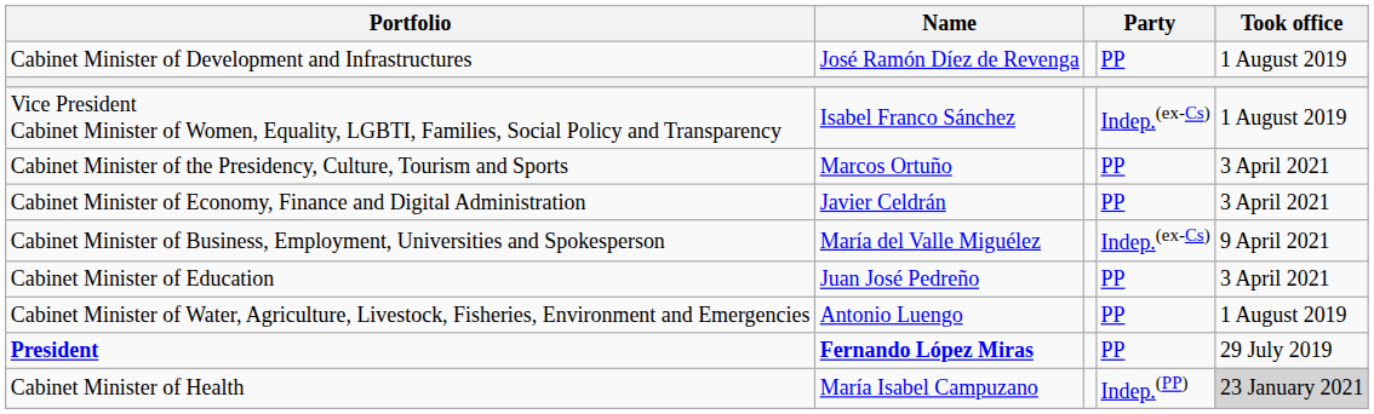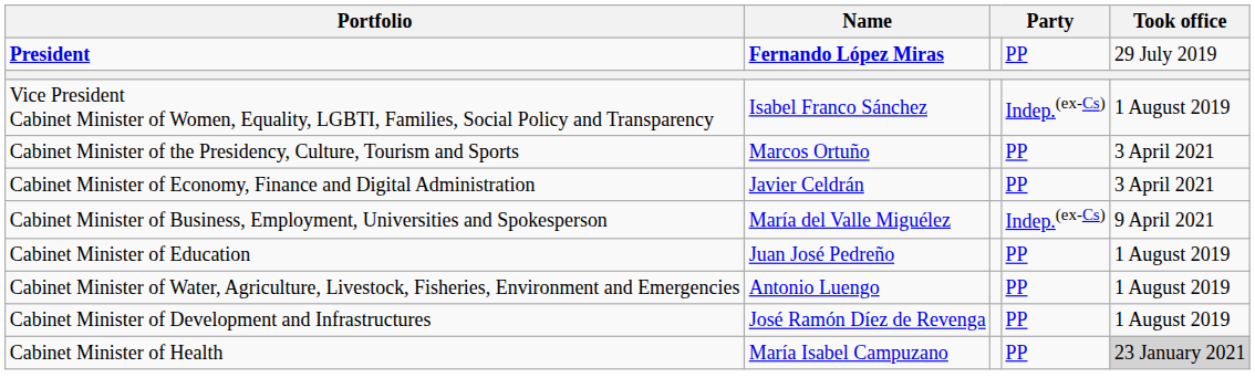 <table class="wikitable" style="font-size:95%;">
 <tr>
 <th>Portfolio</th>
 <th>Name</th>
 <th colspan="2">Party</th>
 <th>Took office</th>
 </tr>
 <tr>
-<td>Cabinet Minister of Development and Infrastructures</td>
-<td><a href='#'>José Ramón Díez de Revenga</a></td>
-<td style="background-color:"></td>
+<td><strong><a href='#'>President</a></strong></td>
+<td><strong><a href='#'>Fernando López Miras</a></strong></td>
+<td width="1" style="background-color:"></td>
 <td><a href='#'>PP</a></td>
-<td>1 August 2019</td>
+<td>29 July 2019</td>
 </tr>
 <tr>
 <th colspan="5"></th>
 </tr>
 <tr>
 <td>Vice President<br>Cabinet Minister of Women, Equality, LGBTI, Families, Social Policy and Transparency</td>
 <td><a href='#'>Isabel Franco Sánchez</a></td>
 <td style="background-color:"></td>
 <td><a href='#'>Indep.</a><sup>(ex-<a href='#'>Cs</a>)</sup></td>
 <td>1 August 2019</td>
 </tr>
 <tr>
 <td>Cabinet Minister of the Presidency, Culture, Tourism and Sports</td>
 <td><a href='#'>Marcos Ortuño</a></td>
 <td style="background-color:"></td>
 <td><a href='#'>PP</a></td>
 <td>3 April 2021</td>
 </tr>
 <tr>
 <td>Cabinet Minister of Economy, Finance and Digital Administration</td>
 <td><a href='#'>Javier Celdrán</a></td>
 <td style="background-color:"></td>
 <td><a href='#'>PP</a></td>
 <td>3 April 2021</td>
 </tr>
 <tr>
 <td>Cabinet Minister of Business, Employment, Universities and Spokesperson</td>
 <td><a href='#'>María del Valle Miguélez</a></td>
 <td style="background-color:"></td>
 <td><a href='#'>Indep.</a><sup>(ex-<a href='#'>Cs</a>)</sup></td>
 <td>9 April 2021</td>
 </tr>
 <tr>
 <td>Cabinet Minister of Education</td>
 <td><a href='#'>Juan José Pedreño</a></td>
 <td style="background-color:"></td>
 <td><a href='#'>PP</a></td>
-<td>3 April 2021</td>
+<td>1 August 2019</td>
 </tr>
 <tr>
 <td>Cabinet Minister of Water, Agriculture, Livestock, Fisheries, Environment and Emergencies</td>
 <td><a href='#'>Antonio Luengo</a></td>
 <td style="background-color:"></td>
 <td><a href='#'>PP</a></td>
 <td>1 August 2019</td>
 </tr>
 <tr>
-<td><strong><a href='#'>President</a></strong></td>
-<td><strong><a href='#'>Fernando López Miras</a></strong></td>
-<td width="1" style="background-color:"></td>
+<td>Cabinet Minister of Development and Infrastructures</td>
+<td><a href='#'>José Ramón Díez de Revenga</a></td>
+<td style="background-color:"></td>
 <td><a href='#'>PP</a></td>
-<td>29 July 2019</td>
+<td>1 August 2019</td>
 </tr>
 <tr>
 <td>Cabinet Minister of Health</td>
 <td><a href='#'>María Isabel Campuzano</a></td>
 <td style="background-color:"></td>
-<td><a href='#'>Indep.</a><sup>(<a href='#'>PP</a>)</sup></td>
+<td><a href='#'>PP</a></td>
 <td style="background: lightgrey;">23 January 2021</td>
 </tr>
 </table>
